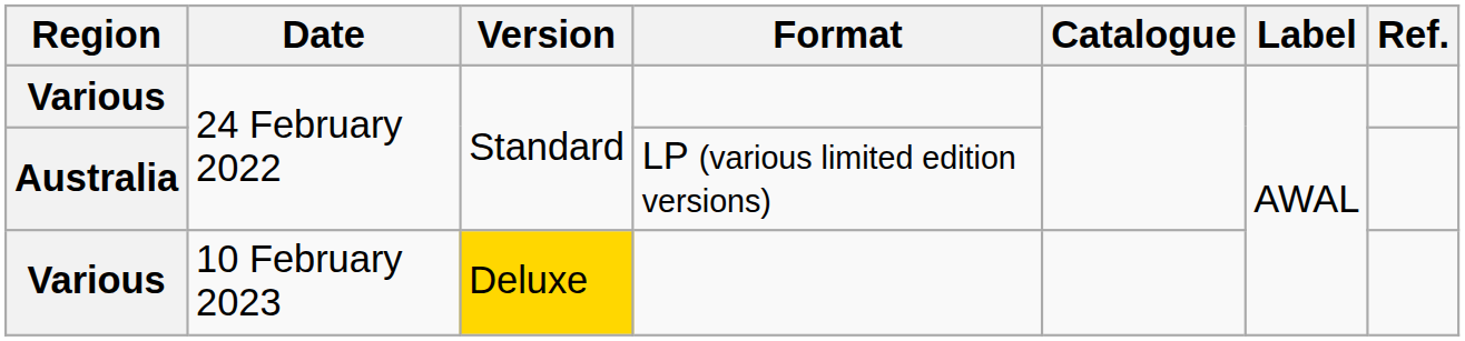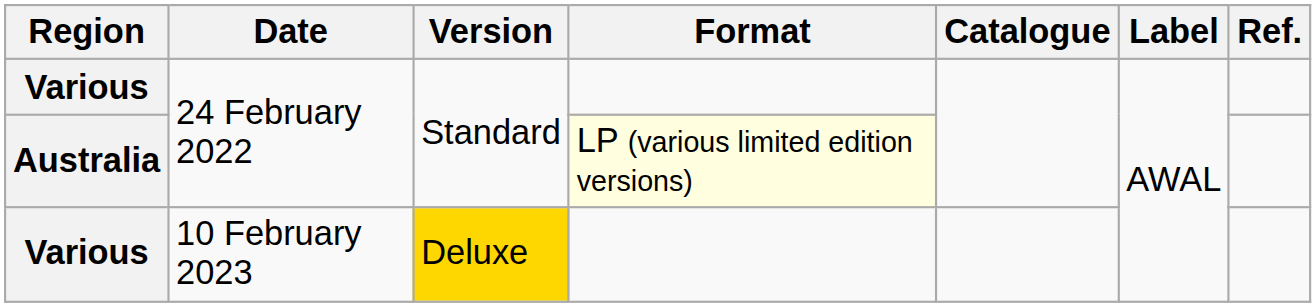 <table class="wikitable plainrowheaders">
 <tr>
 <th>Region</th>
 <th>Date</th>
 <th>Version</th>
 <th>Format</th>
 <th>Catalogue</th>
 <th>Label</th>
 <th>Ref.</th>
 </tr>
 <tr>
 <th scope="row">Various</th>
 <td rowspan="2">24 February 2022</td>
 <td rowspan="2">Standard</td>
 <td></td>
 <td rowspan="2"></td>
 <td rowspan="3">AWAL</td>
 <td></td>
 </tr>
 <tr>
 <th scope="row">Australia</th>
-<td>LP <small>(various limited edition versions)</small></td>
+<td style="background: lightyellow;">LP <small>(various limited edition versions)</small></td>
 <td></td>
 </tr>
 <tr>
 <th scope="row">Various</th>
 <td>10 February 2023</td>
 <td style="background: gold;">Deluxe</td>
 <td></td>
 <td></td>
 <td></td>
 </tr>
 </table>
